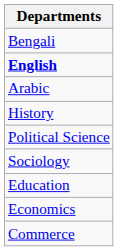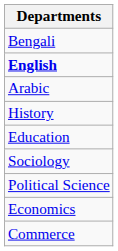 <table class="wikitable sortable">
 <tr>
 <th>Departments</th>
 </tr>
 <tr>
 <td><a href='#'>Bengali</a></td>
 </tr>
 <tr>
 <td><strong><a href='#'>English</a></strong></td>
 </tr>
 <tr>
 <td><a href='#'>Arabic</a></td>
 </tr>
 <tr>
 <td><a href='#'>History</a></td>
 </tr>
 <tr>
-<td><a href='#'>Political Science</a></td>
+<td><a href='#'>Education</a></td>
 </tr>
 <tr>
 <td><a href='#'>Sociology</a></td>
 </tr>
 <tr>
-<td><a href='#'>Education</a></td>
+<td><a href='#'>Political Science</a></td>
 </tr>
 <tr>
 <td><a href='#'>Economics</a></td>
 </tr>
 <tr>
 <td><a href='#'>Commerce</a></td>
 </tr>
 </table>
